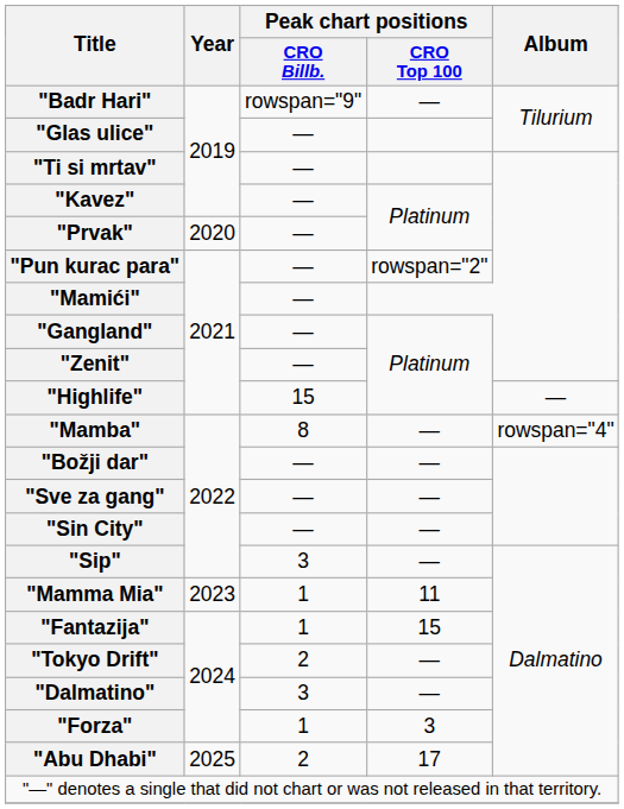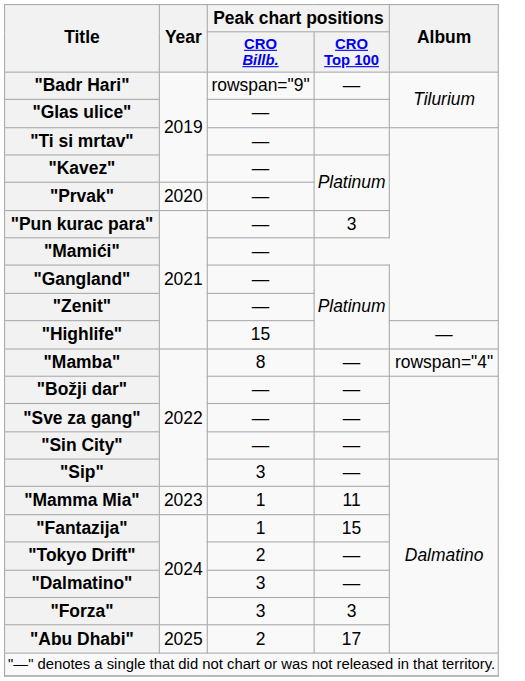 <table class="wikitable plainrowheaders" style="text-align:center;">
 <tr>
 <th scope="col" rowspan="2">Title</th>
 <th scope="col" rowspan="2">Year</th>
 <th scope="col" colspan="2">Peak chart positions</th>
 <th scope="col" rowspan="2">Album</th>
 </tr>
 <tr>
 <th style="width:2.5em; font-size:85%"><a href='#'>CRO<br><em>Billb.</em></a><br></th>
 <th style="width:2.5em; font-size:85%"><a href='#'>CRO<br>Top 100</a><br></th>
 </tr>
 <tr>
 <th scope="row">"Badr Hari"</th>
 <td rowspan="4">2019</td>
 <td>rowspan="9" </td>
 <td>—</td>
 <td rowspan="2"><em>Tilurium</em></td>
 </tr>
 <tr>
 <th scope="row">"Glas ulice"</th>
 <td>—</td>
 </tr>
 <tr>
 <th scope="row">"Ti si mrtav"</th>
 <td>—</td>
 <td></td>
 </tr>
 <tr>
 <th scope="row">"Kavez"</th>
 <td>—</td>
 <td rowspan="2"><em>Platinum</em></td>
 </tr>
 <tr>
 <th scope="row">"Prvak"<br></th>
 <td>2020</td>
 <td>—</td>
 </tr>
 <tr>
 <th scope="row">"Pun kurac para"<br></th>
 <td rowspan="5">2021</td>
 <td>—</td>
-<td>rowspan="2" </td>
+<td>3</td>
 </tr>
 <tr>
 <th scope="row">"Mamići"<br></th>
 <td>—</td>
 </tr>
 <tr>
 <th scope="row">"Gangland"</th>
 <td>—</td>
 <td rowspan="3"><em>Platinum</em></td>
 </tr>
 <tr>
 <th scope="row">"Zenit"</th>
 <td>—</td>
 </tr>
 <tr>
 <th scope="row">"Highlife"</th>
 <td>15</td>
 <td>—</td>
 </tr>
 <tr>
 <th scope="row">"Mamba"</th>
 <td rowspan="5">2022</td>
 <td>8</td>
 <td>—</td>
 <td>rowspan="4" </td>
 </tr>
 <tr>
 <th scope="row">"Božji dar"</th>
 <td>—</td>
 <td>—</td>
 </tr>
 <tr>
 <th scope="row">"Sve za gang"</th>
 <td>—</td>
 <td>—</td>
 </tr>
 <tr>
 <th scope="row">"Sin City"</th>
 <td>—</td>
 <td>—</td>
 </tr>
 <tr>
 <th scope="row">"Sip"</th>
 <td>3</td>
 <td>—</td>
 <td rowspan="7"><em>Dalmatino</em></td>
 </tr>
 <tr>
 <th scope="row">"Mamma Mia"</th>
 <td rowspan="1">2023</td>
 <td>1</td>
 <td>11</td>
 </tr>
 <tr>
 <th scope="row">"Fantazija"<br></th>
 <td rowspan="4">2024</td>
 <td>1</td>
 <td>15</td>
 </tr>
 <tr>
 <th scope="row">"Tokyo Drift"<br></th>
 <td>2</td>
 <td>—</td>
 </tr>
 <tr>
 <th scope="row">"Dalmatino"</th>
 <td>3</td>
 <td>—</td>
 </tr>
 <tr>
 <th scope="row">"Forza"</th>
-<td>1</td>
+<td>3</td>
 <td>3</td>
 </tr>
 <tr>
 <th scope="row">"Abu Dhabi"</th>
 <td>2025</td>
 <td>2</td>
 <td>17</td>
 </tr>
 <tr>
 <td colspan="20" style="text-align:center; font-size:85%;">"—" denotes a single that did not chart or was not released in that territory.</td>
 </tr>
 <tr>
 </tr>
 </table>
